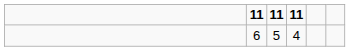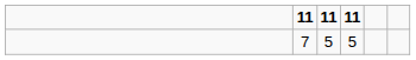 <table class="wikitable">
 <tr>
 <td style="width:18em"><strong></strong></td>
 <td align=center style="width:1em"><strong>11</strong></td>
 <td align=center style="width:1em"><strong>11</strong></td>
 <td align=center style="width:1em"><strong>11</strong></td>
 <td align=center style="width:1em"></td>
 <td align=center style="width:1em"></td>
 </tr>
 <tr>
 <td style="width:18em"></td>
-<td align=center style="width:1em">6</td>
+<td align=center style="width:1em">7</td>
 <td align=center style="width:1em">5</td>
-<td align=center style="width:1em">4</td>
+<td align=center style="width:1em">5</td>
 <td align=center style="width:1em"></td>
 <td align=center style="width:1em"></td>
 </tr>
 </table>
